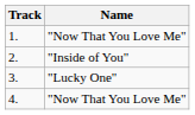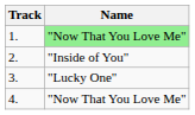 <table class="wikitable" border="1">
 <tr>
 <th>Track</th>
 <th>Name</th>
 </tr>
 <tr>
 <td>1.</td>
-<td>"Now That You Love Me"</td>
+<td style="background: lightgreen;">"Now That You Love Me"</td>
 </tr>
 <tr>
 <td>2.</td>
 <td>"Inside of You"</td>
 </tr>
 <tr>
 <td>3.</td>
 <td>"Lucky One"</td>
 </tr>
 <tr>
 <td>4.</td>
 <td>"Now That You Love Me"</td>
 </tr>
 </table>
